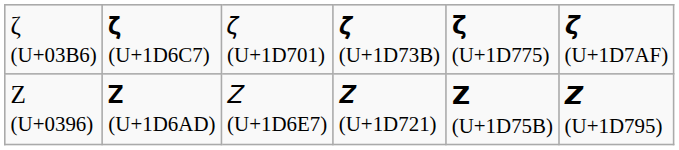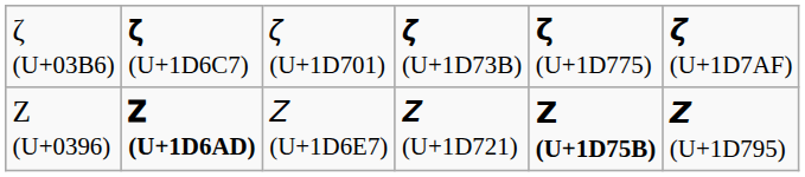 <table class="wikitable">
 <tr>
 <td>ζ<br><small>(U+03B6)</small></td>
 <td>𝛇<br><small>(U+1D6C7)</small></td>
 <td>𝜁<br><small>(U+1D701)</small></td>
 <td>𝜻<br><small>(U+1D73B)</small></td>
 <td>𝝵<br><small>(U+1D775)</small></td>
 <td>𝞯<br><small>(U+1D7AF)</small></td>
 </tr>
 <tr>
 <td>Ζ<br><small>(U+0396)</small></td>
-<td>𝚭<br><small>(U+1D6AD)</small></td>
+<td><strong>𝚭<br><small>(U+1D6AD)</small></strong></td>
 <td>𝛧<br><small>(U+1D6E7)</small></td>
 <td>𝜡<br><small>(U+1D721)</small></td>
-<td>𝝛<br><small>(U+1D75B)</small></td>
+<td><strong>𝝛<br><small>(U+1D75B)</small></strong></td>
 <td>𝞕<br><small>(U+1D795)</small></td>
 </tr>
 </table>
